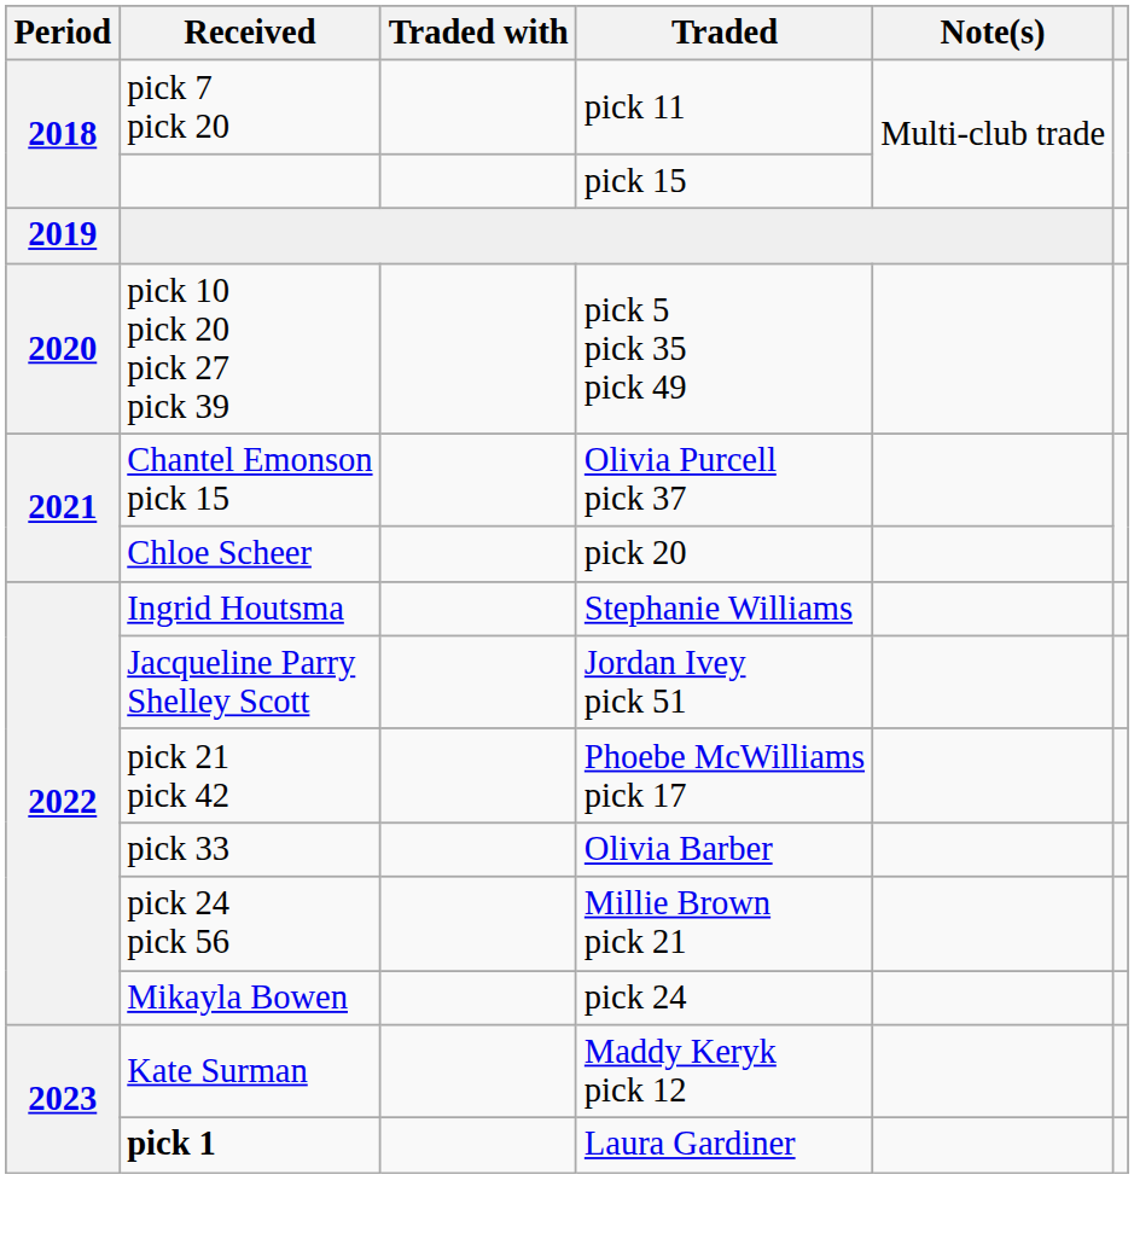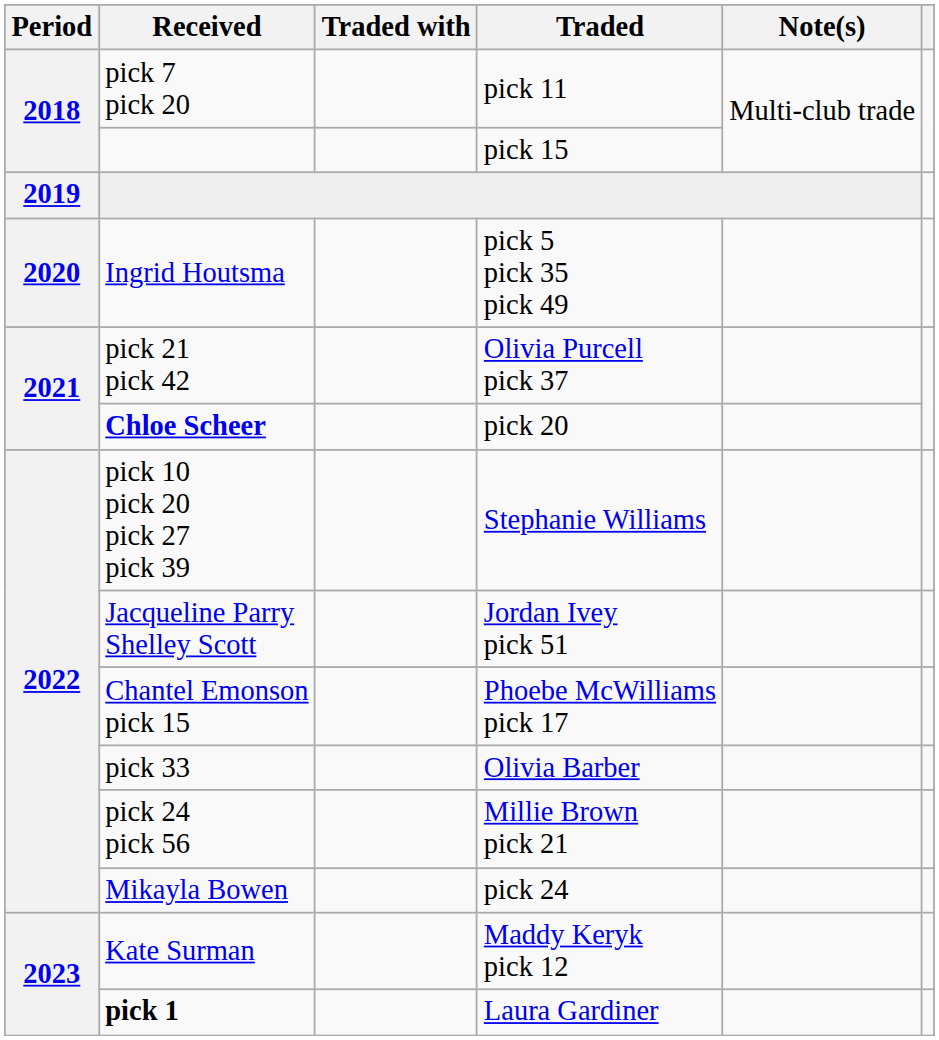 <table class="wikitable plainrowheaders sortable">
 <tr>
 <th scope="col">Period</th>
 <th scope="col">Received</th>
 <th scope="col">Traded with</th>
 <th scope="col">Traded</th>
 <th scope="col">Note(s)</th>
 <th scope="col" class="unsortable"></th>
 </tr>
 <tr>
 <th scope="row" rowspan="2"><a href='#'>2018</a></th>
 <td>pick 7<br>pick 20</td>
 <td></td>
 <td>pick 11</td>
 <td rowspan="2">Multi-club trade</td>
 <td rowspan="2" align="center"></td>
 </tr>
 <tr>
 <td></td>
 <td></td>
 <td>pick 15</td>
 </tr>
 <tr>
 <th scope="row"><a href='#'>2019</a></th>
 <td colspan="4" style="background:#efefef; text-align:center;"><em></em></td>
 <td></td>
 </tr>
 <tr>
 <th scope="row"><a href='#'>2020</a></th>
-<td>pick 10<br>pick 20<br>pick 27<br>pick 39</td>
+<td><a href='#'>Ingrid Houtsma</a></td>
 <td></td>
 <td>pick 5<br>pick 35<br>pick 49</td>
 <td></td>
 <td align=center></td>
 </tr>
 <tr>
 <th scope="row" rowspan="2"><a href='#'>2021</a></th>
-<td><a href='#'>Chantel Emonson</a><br>pick 15</td>
+<td>pick 21<br>pick 42</td>
 <td></td>
 <td><a href='#'>Olivia Purcell</a><br>pick 37</td>
 <td></td>
 <td align=center rowspan="2"></td>
 </tr>
 <tr>
-<td><a href='#'>Chloe Scheer</a></td>
+<td><strong><a href='#'>Chloe Scheer</a></strong></td>
 <td></td>
 <td>pick 20</td>
 <td></td>
 </tr>
 <tr>
 <th scope="row" rowspan="6"><a href='#'>2022</a></th>
-<td><a href='#'>Ingrid Houtsma</a></td>
+<td>pick 10<br>pick 20<br>pick 27<br>pick 39</td>
 <td></td>
 <td><a href='#'>Stephanie Williams</a></td>
 <td></td>
 <td align=center></td>
 </tr>
 <tr>
 <td><a href='#'>Jacqueline Parry</a><br><a href='#'>Shelley Scott</a></td>
 <td></td>
 <td><a href='#'>Jordan Ivey</a><br>pick 51</td>
 <td></td>
 <td align=center></td>
 </tr>
 <tr>
-<td>pick 21<br>pick 42</td>
+<td><a href='#'>Chantel Emonson</a><br>pick 15</td>
 <td></td>
 <td><a href='#'>Phoebe McWilliams</a><br>pick 17</td>
 <td></td>
 <td align=center></td>
 </tr>
 <tr>
 <td>pick 33</td>
 <td></td>
 <td><a href='#'>Olivia Barber</a></td>
 <td></td>
 <td align=center></td>
 </tr>
 <tr>
 <td>pick 24<br>pick 56</td>
 <td></td>
 <td><a href='#'>Millie Brown</a><br>pick 21</td>
 <td></td>
 <td align=center></td>
 </tr>
 <tr>
 <td><a href='#'>Mikayla Bowen</a></td>
 <td></td>
 <td>pick 24</td>
 <td></td>
 <td align=center></td>
 </tr>
 <tr>
 <th scope="row" rowspan="2"><a href='#'>2023</a></th>
 <td><a href='#'>Kate Surman</a></td>
 <td></td>
 <td><a href='#'>Maddy Keryk</a><br>pick 12</td>
 <td></td>
 <td align=center></td>
 </tr>
 <tr>
 <td><strong>pick 1</strong></td>
 <td></td>
 <td><a href='#'>Laura Gardiner</a></td>
 <td></td>
 <td align="center"></td>
 </tr>
 </table>
